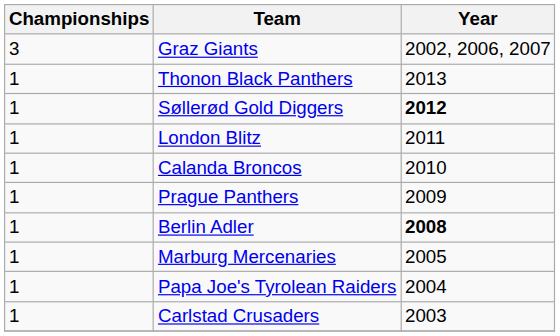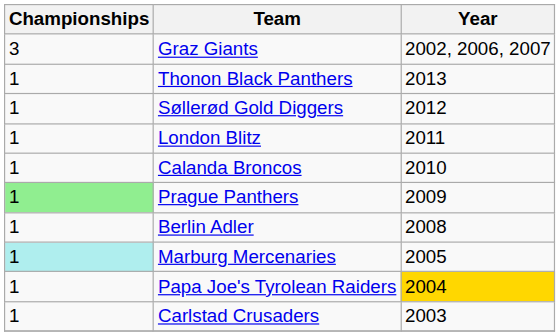 <table class="wikitable">
 <tr>
 <th>Championships</th>
 <th>Team</th>
 <th>Year</th>
 </tr>
 <tr>
 <td>3</td>
 <td> <a href='#'>Graz Giants</a></td>
 <td>2002, 2006, 2007</td>
 </tr>
 <tr>
 <td>1</td>
 <td> <a href='#'>Thonon Black Panthers</a></td>
 <td>2013</td>
 </tr>
 <tr>
 <td>1</td>
 <td> <a href='#'>Søllerød Gold Diggers</a></td>
-<td><strong>2012</strong></td>
+<td>2012</td>
 </tr>
 <tr>
 <td>1</td>
 <td> <a href='#'>London Blitz</a></td>
 <td>2011</td>
 </tr>
 <tr>
 <td>1</td>
 <td> <a href='#'>Calanda Broncos</a></td>
 <td>2010</td>
 </tr>
 <tr>
-<td>1</td>
+<td style="background: lightgreen;">1</td>
 <td> <a href='#'>Prague Panthers</a></td>
 <td>2009</td>
 </tr>
 <tr>
 <td>1</td>
 <td> <a href='#'>Berlin Adler</a></td>
-<td><strong>2008</strong></td>
+<td>2008</td>
 </tr>
 <tr>
-<td>1</td>
+<td style="background: paleturquoise;">1</td>
 <td> <a href='#'>Marburg Mercenaries</a></td>
 <td>2005</td>
 </tr>
 <tr>
 <td>1</td>
 <td> <a href='#'>Papa Joe's Tyrolean Raiders</a></td>
-<td>2004</td>
+<td style="background: gold;">2004</td>
 </tr>
 <tr>
 <td>1</td>
 <td> <a href='#'>Carlstad Crusaders</a></td>
 <td>2003</td>
 </tr>
 <tr>
 </tr>
 </table>
